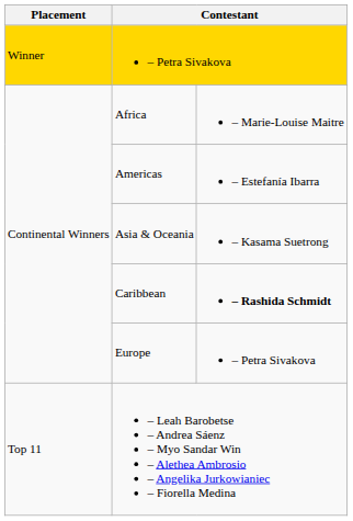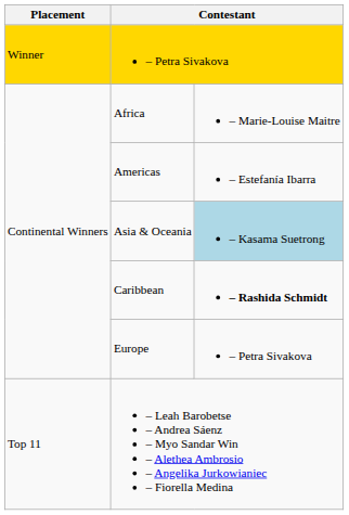 <table class="wikitable sortable" style="font-size:95%;">
 <tr>
 <th>Placement</th>
 <th colspan="2">Contestant</th>
 </tr>
 <tr style="background:gold;">
 <td>Winner</td>
 <td colspan="2"><br><ul><li> – Petra Sivakova</li></ul></td>
 </tr>
 <tr>
 <td rowspan="5">Continental Winners</td>
 <td>Africa</td>
 <td><br><ul><li> – Marie-Louise Maitre</li></ul></td>
 </tr>
 <tr>
 <td>Americas</td>
 <td><br><ul><li> – Estefanía Ibarra</li></ul></td>
 </tr>
 <tr>
 <td>Asia & Oceania</td>
-<td><br><ul><li> – Kasama Suetrong</li></ul></td>
+<td style="background: lightblue;"><br><ul><li> – Kasama Suetrong</li></ul></td>
 </tr>
 <tr>
 <td>Caribbean</td>
 <td><strong><br><ul><li> – Rashida Schmidt</li></ul></strong></td>
 </tr>
 <tr>
 <td>Europe</td>
 <td><br><ul><li> – Petra Sivakova</li></ul></td>
 </tr>
 <tr>
 <td>Top 11</td>
 <td colspan="2" rowspan="1"><br><ul><li> – Leah Barobetse</li><li> – Andrea Sáenz</li><li> – Myo Sandar Win</li><li> – <a href='#'>Alethea Ambrosio</a></li><li> – <a href='#'>Angelika Jurkowianiec</a></li><li> – Fiorella Medina</li></ul></td>
 </tr>
 </table>
